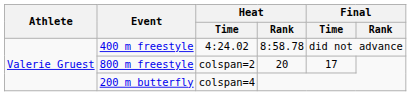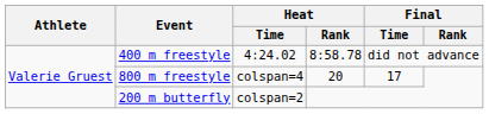 <table class=wikitable style="font-size:90%">
 <tr>
 <th rowspan=2>Athlete</th>
 <th rowspan=2>Event</th>
 <th colspan="2">Heat</th>
 <th colspan="2">Final</th>
 </tr>
 <tr style="font-size:95%">
 <th>Time</th>
 <th>Rank</th>
 <th>Time</th>
 <th>Rank</th>
 </tr>
 <tr align=center>
 <td align=left rowspan=3><a href='#'>Valerie Gruest</a></td>
 <td align=left><a href='#'>400 m freestyle</a></td>
 <td>4:24.02</td>
 <td>8:58.78</td>
 <td colspan=2>did not advance</td>
 </tr>
 <tr align=center>
 <td align=left><a href='#'>800 m freestyle</a></td>
-<td>colspan=2 </td>
+<td>colspan=4 </td>
 <td>20</td>
 <td>17</td>
 </tr>
 <tr align=center>
 <td align=left><a href='#'>200 m butterfly</a></td>
-<td>colspan=4 </td>
+<td>colspan=2 </td>
 </tr>
 </table>
